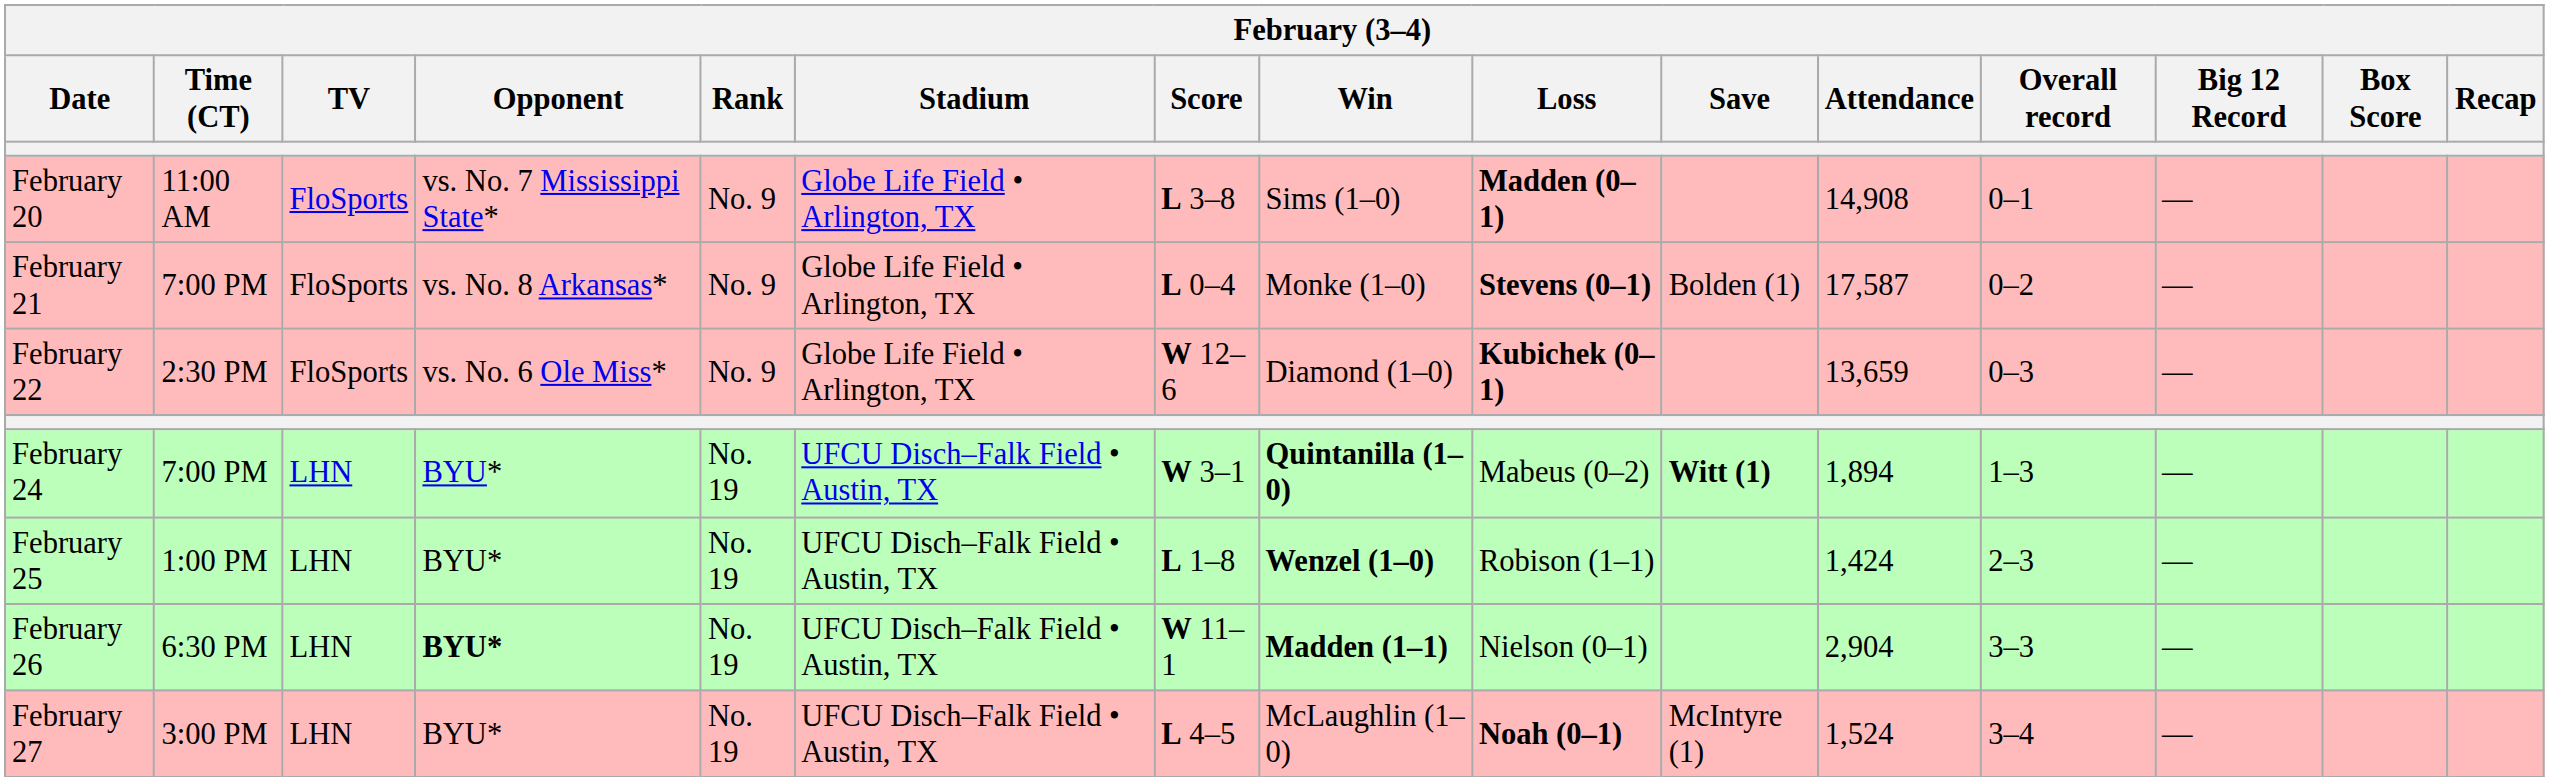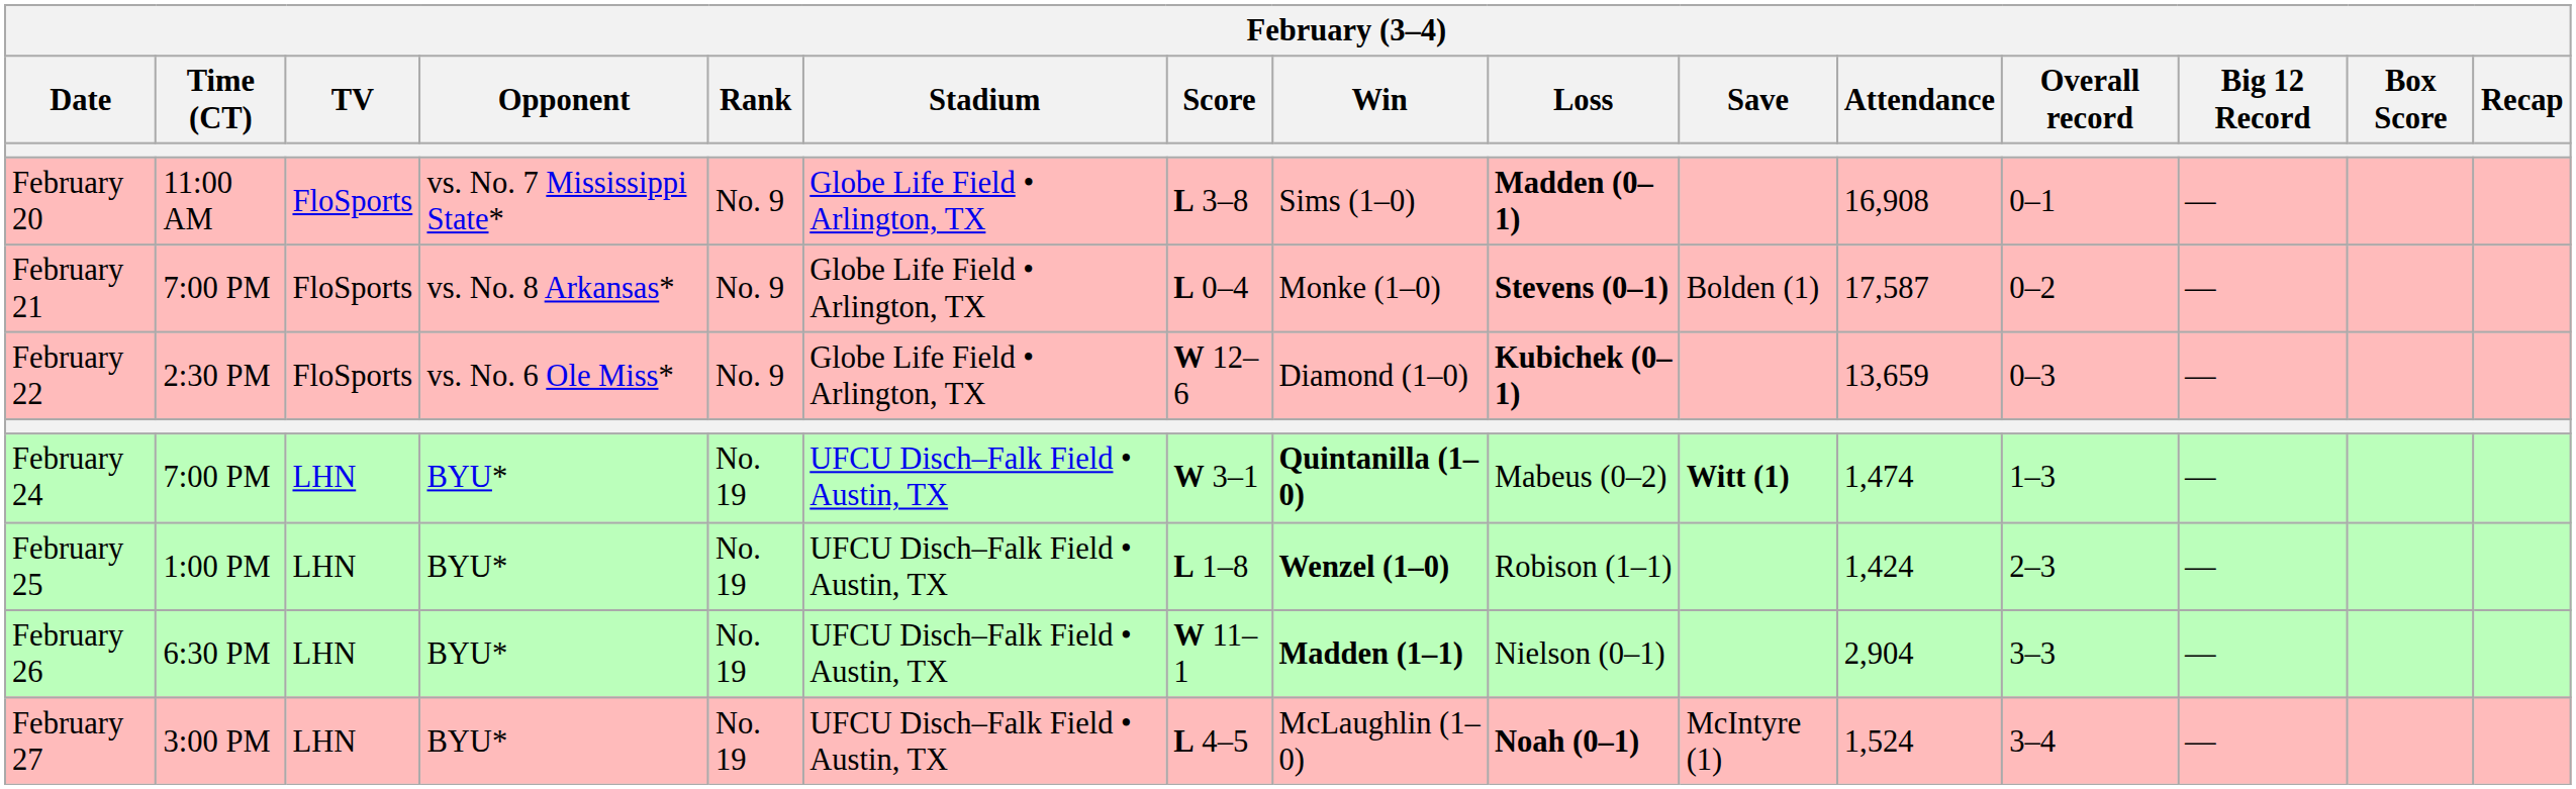 <table class="wikitable collapsible collapsed" style="margin:auto; font-size:95%; width:100%">
 <tr>
 <th colspan=15 style="padding-left:4em;">February (3–4)</th>
 </tr>
 <tr>
 <th>Date</th>
 <th>Time (CT)</th>
 <th>TV</th>
 <th>Opponent</th>
 <th>Rank</th>
 <th>Stadium</th>
 <th>Score</th>
 <th>Win</th>
 <th>Loss</th>
 <th>Save</th>
 <th>Attendance</th>
 <th>Overall record</th>
 <th>Big 12 Record</th>
 <th>Box Score</th>
 <th>Recap</th>
 </tr>
 <tr>
 <th colspan=15></th>
 </tr>
 <tr bgcolor=ffbbbb>
 <td>February 20</td>
 <td>11:00 AM</td>
 <td><a href='#'>FloSports</a></td>
 <td>vs. No. 7 <a href='#'>Mississippi State</a>*</td>
 <td>No. 9</td>
 <td><a href='#'>Globe Life Field</a> • <a href='#'>Arlington, TX</a></td>
 <td><strong>L</strong> 3–8</td>
 <td>Sims (1–0)</td>
 <td><strong>Madden (0–1)</strong></td>
 <td></td>
-<td>14,908</td>
+<td>16,908</td>
 <td>0–1</td>
 <td>—</td>
 <td></td>
 <td></td>
 </tr>
 <tr bgcolor=ffbbbb>
 <td>February 21</td>
 <td>7:00 PM</td>
 <td>FloSports</td>
 <td>vs. No. 8 <a href='#'>Arkansas</a>*</td>
 <td>No. 9</td>
 <td>Globe Life Field • Arlington, TX</td>
 <td><strong>L</strong> 0–4</td>
 <td>Monke (1–0)</td>
 <td><strong>Stevens (0–1)</strong></td>
 <td>Bolden (1)</td>
 <td>17,587</td>
 <td>0–2</td>
 <td>—</td>
 <td></td>
 <td></td>
 </tr>
 <tr bgcolor=ffbbbb>
 <td>February 22</td>
 <td>2:30 PM</td>
 <td>FloSports</td>
 <td>vs. No. 6 <a href='#'>Ole Miss</a>*</td>
 <td>No. 9</td>
 <td>Globe Life Field • Arlington, TX</td>
 <td><strong>W</strong> 12–6</td>
 <td>Diamond (1–0)</td>
 <td><strong>Kubichek (0–1)</strong></td>
 <td></td>
 <td>13,659</td>
 <td>0–3</td>
 <td>—</td>
 <td></td>
 <td></td>
 </tr>
 <tr>
 <th colspan=15></th>
 </tr>
 <tr bgcolor=bbffbb>
 <td>February 24</td>
 <td>7:00 PM</td>
 <td><a href='#'>LHN</a></td>
 <td><a href='#'>BYU</a>*</td>
 <td>No. 19</td>
 <td><a href='#'>UFCU Disch–Falk Field</a> • <a href='#'>Austin, TX</a></td>
 <td><strong>W</strong> 3–1</td>
 <td><strong>Quintanilla (1–0)</strong></td>
 <td>Mabeus (0–2)</td>
 <td><strong>Witt (1)</strong></td>
-<td>1,894</td>
+<td>1,474</td>
 <td>1–3</td>
 <td>—</td>
 <td></td>
 <td></td>
 </tr>
 <tr bgcolor=bbffbb>
 <td>February 25</td>
 <td>1:00 PM</td>
 <td>LHN</td>
 <td>BYU*</td>
 <td>No. 19</td>
 <td>UFCU Disch–Falk Field • Austin, TX</td>
 <td><strong>L</strong> 1–8</td>
 <td><strong>Wenzel (1–0)</strong></td>
 <td>Robison (1–1)</td>
 <td></td>
 <td>1,424</td>
 <td>2–3</td>
 <td>—</td>
 <td></td>
 <td></td>
 </tr>
 <tr bgcolor=bbffbb>
 <td>February 26</td>
 <td>6:30 PM</td>
 <td>LHN</td>
-<td><strong>BYU*</strong></td>
+<td>BYU*</td>
 <td>No. 19</td>
 <td>UFCU Disch–Falk Field • Austin, TX</td>
 <td><strong>W</strong> 11–1</td>
 <td><strong>Madden (1–1)</strong></td>
 <td>Nielson (0–1)</td>
 <td></td>
 <td>2,904</td>
 <td>3–3</td>
 <td>—</td>
 <td></td>
 <td></td>
 </tr>
 <tr bgcolor=ffbbbb>
 <td>February 27</td>
 <td>3:00 PM</td>
 <td>LHN</td>
 <td>BYU*</td>
 <td>No. 19</td>
 <td>UFCU Disch–Falk Field • Austin, TX</td>
 <td><strong>L</strong> 4–5</td>
 <td>McLaughlin (1–0)</td>
 <td><strong>Noah (0–1)</strong></td>
 <td>McIntyre (1)</td>
 <td>1,524</td>
 <td>3–4</td>
 <td>—</td>
 <td></td>
 <td></td>
 </tr>
 </table>
